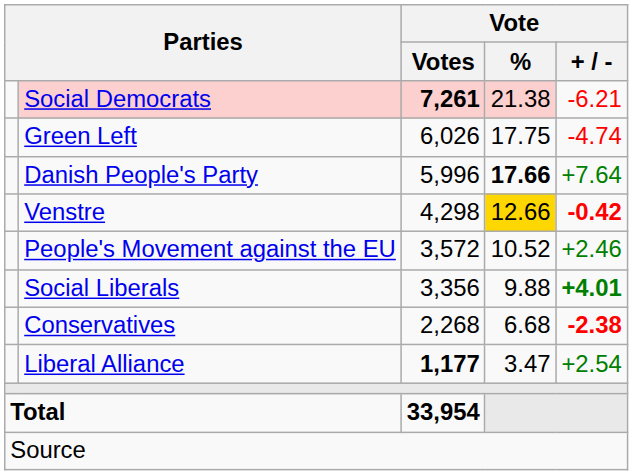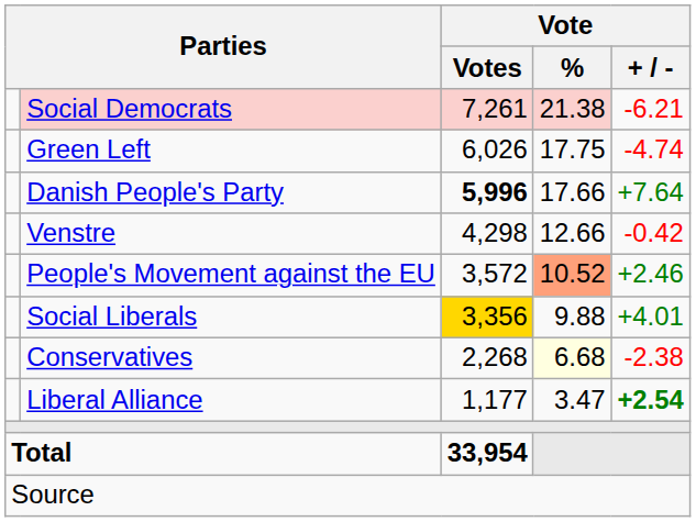 <table class="wikitable" style="text-align:right;">
 <tr>
 <th style="text-align:centre;" rowspan="2" colspan="2" width="225">Parties</th>
 <th colspan="3">Vote</th>
 </tr>
 <tr>
 <th width="15">Votes</th>
 <th width="15">%</th>
 <th width="15">+ / -</th>
 </tr>
 <tr>
 <td width="2" style="color:inherit;background:"></td>
 <td bgcolor=#fbd0ce   align="left"><a href='#'>Social Democrats</a></td>
-<td bgcolor=#fbd0ce><strong>7,261</strong></td>
+<td bgcolor=#fbd0ce>7,261</td>
 <td bgcolor=#fbd0ce>21.38</td>
 <td style=color:red;>-6.21</td>
 </tr>
 <tr>
 <td width="2" style="color:inherit;background:"></td>
 <td align="left"><a href='#'>Green Left</a></td>
 <td>6,026</td>
 <td>17.75</td>
 <td style=color:red;>-4.74</td>
 </tr>
 <tr>
 <td width="2" style="color:inherit;background:"></td>
 <td align="left"><a href='#'>Danish People's Party</a></td>
-<td>5,996</td>
-<td><strong>17.66</strong></td>
+<td><strong>5,996</strong></td>
+<td>17.66</td>
 <td style=color:green;>+7.64</td>
 </tr>
 <tr>
 <td width="2" style="color:inherit;background:"></td>
 <td align="left"><a href='#'>Venstre</a></td>
 <td>4,298</td>
-<td style="background: gold;">12.66</td>
-<td style=color:red;><strong>-0.42</strong></td>
+<td>12.66</td>
+<td style=color:red;>-0.42</td>
 </tr>
 <tr>
 <td width="2" style="color:inherit;background:"></td>
 <td align="left"><a href='#'>People's Movement against the EU</a></td>
 <td>3,572</td>
-<td>10.52</td>
+<td style="background: lightsalmon;">10.52</td>
 <td style=color:green;>+2.46</td>
 </tr>
 <tr>
 <td width="2" style="color:inherit;background:"></td>
 <td align="left"><a href='#'>Social Liberals</a></td>
-<td>3,356</td>
+<td style="background: gold;">3,356</td>
 <td>9.88</td>
-<td style=color:green;><strong>+4.01</strong></td>
+<td style=color:green;>+4.01</td>
 </tr>
 <tr>
 <td width="2" style="color:inherit;background:"></td>
 <td align="left"><a href='#'>Conservatives</a></td>
 <td>2,268</td>
-<td>6.68</td>
-<td style=color:red;><strong>-2.38</strong></td>
+<td style="background: lightyellow;">6.68</td>
+<td style=color:red;>-2.38</td>
 </tr>
 <tr>
 <td width="2" style="color:inherit;background:"></td>
 <td align="left"><a href='#'>Liberal Alliance</a></td>
-<td><strong>1,177</strong></td>
+<td>1,177</td>
 <td>3.47</td>
-<td style=color:green;>+2.54</td>
+<td style=color:green;><strong>+2.54</strong></td>
 </tr>
 <tr>
 <td colspan="7" bgcolor="#E9E9E9"></td>
 </tr>
 <tr>
 <td align="left" colspan="2"><strong>Total</strong></td>
 <td><strong>33,954</strong></td>
 <td bgcolor="#E9E9E9" colspan="2"></td>
 </tr>
 <tr>
 <td align="left" colspan="6">Source</td>
 </tr>
 </table>
